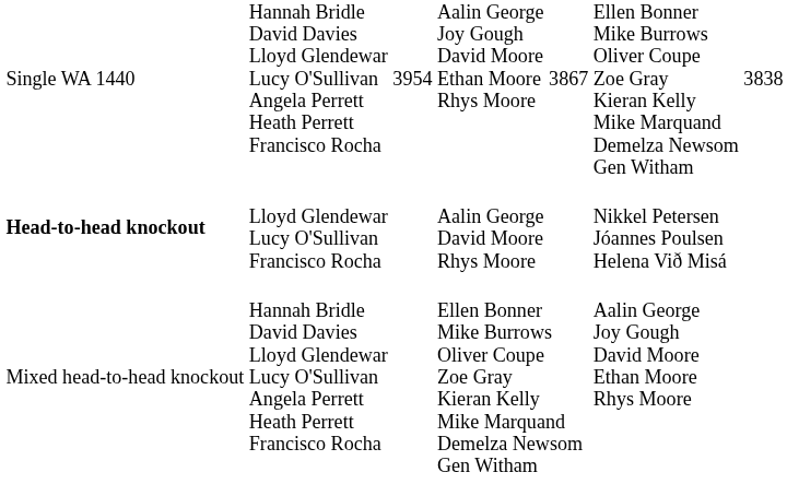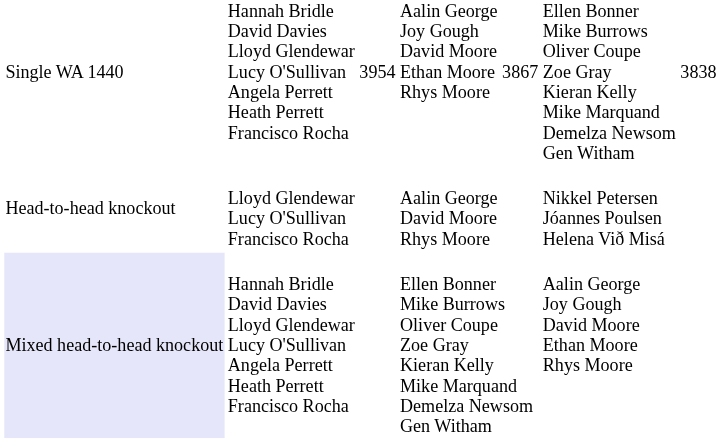 <table>
 <tr>
 <td>Single WA 1440</td>
 <td valign=top><br>Hannah Bridle<br>David Davies<br>Lloyd Glendewar<br>Lucy O'Sullivan<br>Angela Perrett<br>Heath Perrett<br>Francisco Rocha</td>
 <td>3954</td>
 <td valign=top><br>Aalin George<br>Joy Gough<br>David Moore<br>Ethan Moore<br>Rhys Moore</td>
 <td>3867</td>
 <td valign=top><br>Ellen Bonner<br>Mike Burrows<br>Oliver Coupe<br>Zoe Gray<br>Kieran Kelly<br>Mike Marquand<br>Demelza Newsom<br>Gen Witham</td>
 <td>3838</td>
 </tr>
 <tr>
-<td><strong>Head-to-head knockout</strong></td>
+<td>Head-to-head knockout</td>
 <td colspan=2> <br> Lloyd Glendewar <br> Lucy O'Sullivan <br> Francisco Rocha</td>
 <td colspan=2> <br> Aalin George <br> David Moore <br> Rhys Moore</td>
 <td colspan=2> <br> Nikkel Petersen <br> Jóannes Poulsen <br> Helena Við Misá</td>
 </tr>
 <tr>
-<td>Mixed head-to-head knockout</td>
+<td style="background: lavender;">Mixed head-to-head knockout</td>
 <td valign=top colspan=2> <br>Hannah Bridle<br>David Davies<br>Lloyd Glendewar<br>Lucy O'Sullivan<br>Angela Perrett<br>Heath Perrett<br>Francisco Rocha</td>
 <td colspan=2> <br>Ellen Bonner<br>Mike Burrows<br>Oliver Coupe<br>Zoe Gray<br>Kieran Kelly<br>Mike Marquand<br>Demelza Newsom<br>Gen Witham</td>
 <td valign=top colspan=2> <br> Aalin George<br>Joy Gough<br>David Moore<br>Ethan Moore<br> Rhys Moore</td>
 </tr>
 </table>
